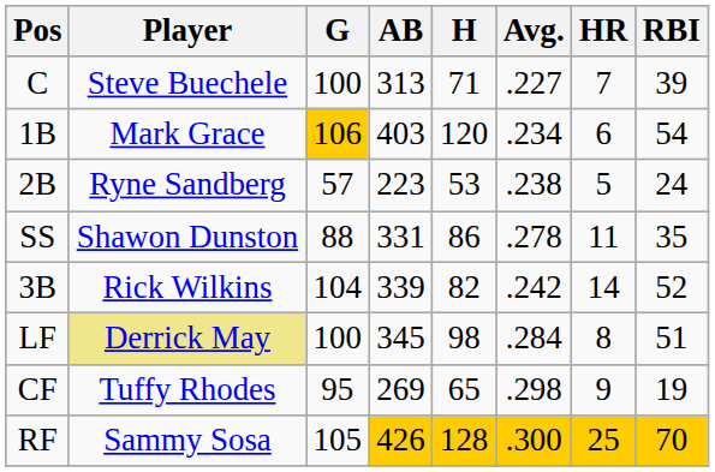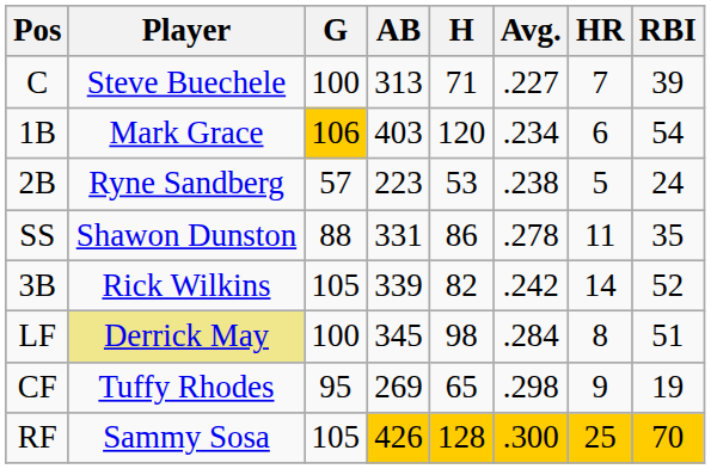 <table class="wikitable sortable" style="text-align:center">
 <tr>
 <th>Pos</th>
 <th>Player</th>
 <th>G</th>
 <th>AB</th>
 <th>H</th>
 <th>Avg.</th>
 <th>HR</th>
 <th>RBI</th>
 </tr>
 <tr>
 <td>C</td>
 <td><a href='#'>Steve Buechele</a></td>
 <td>100</td>
 <td>313</td>
 <td>71</td>
 <td>.227</td>
 <td>7</td>
 <td>39</td>
 </tr>
 <tr>
 <td>1B</td>
 <td><a href='#'>Mark Grace</a></td>
 <td style="background:#fc0;">106</td>
 <td>403</td>
 <td>120</td>
 <td>.234</td>
 <td>6</td>
 <td>54</td>
 </tr>
 <tr>
 <td>2B</td>
 <td><a href='#'>Ryne Sandberg</a></td>
 <td>57</td>
 <td>223</td>
 <td>53</td>
 <td>.238</td>
 <td>5</td>
 <td>24</td>
 </tr>
 <tr>
 <td>SS</td>
 <td><a href='#'>Shawon Dunston</a></td>
 <td>88</td>
 <td>331</td>
 <td>86</td>
 <td>.278</td>
 <td>11</td>
 <td>35</td>
 </tr>
 <tr>
 <td>3B</td>
 <td><a href='#'>Rick Wilkins</a></td>
-<td>104</td>
+<td>105</td>
 <td>339</td>
 <td>82</td>
 <td>.242</td>
 <td>14</td>
 <td>52</td>
 </tr>
 <tr>
 <td>LF</td>
 <td style="background: khaki;"><a href='#'>Derrick May</a></td>
 <td>100</td>
 <td>345</td>
 <td>98</td>
 <td>.284</td>
 <td>8</td>
 <td>51</td>
 </tr>
 <tr>
 <td>CF</td>
 <td><a href='#'>Tuffy Rhodes</a></td>
 <td>95</td>
 <td>269</td>
 <td>65</td>
 <td>.298</td>
 <td>9</td>
 <td>19</td>
 </tr>
 <tr>
 <td>RF</td>
 <td><a href='#'>Sammy Sosa</a></td>
 <td>105</td>
 <td style="background:#fc0;">426</td>
 <td style="background:#fc0;">128</td>
 <td style="background:#fc0;">.300</td>
 <td style="background:#fc0;">25</td>
 <td style="background:#fc0;">70</td>
 </tr>
 </table>
